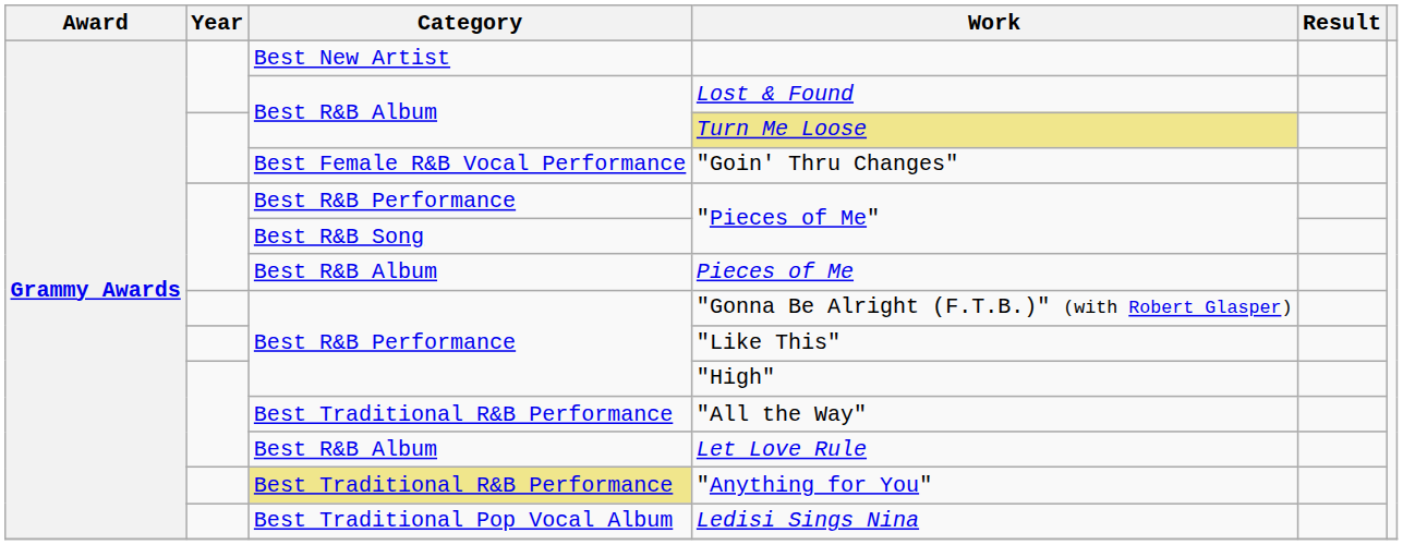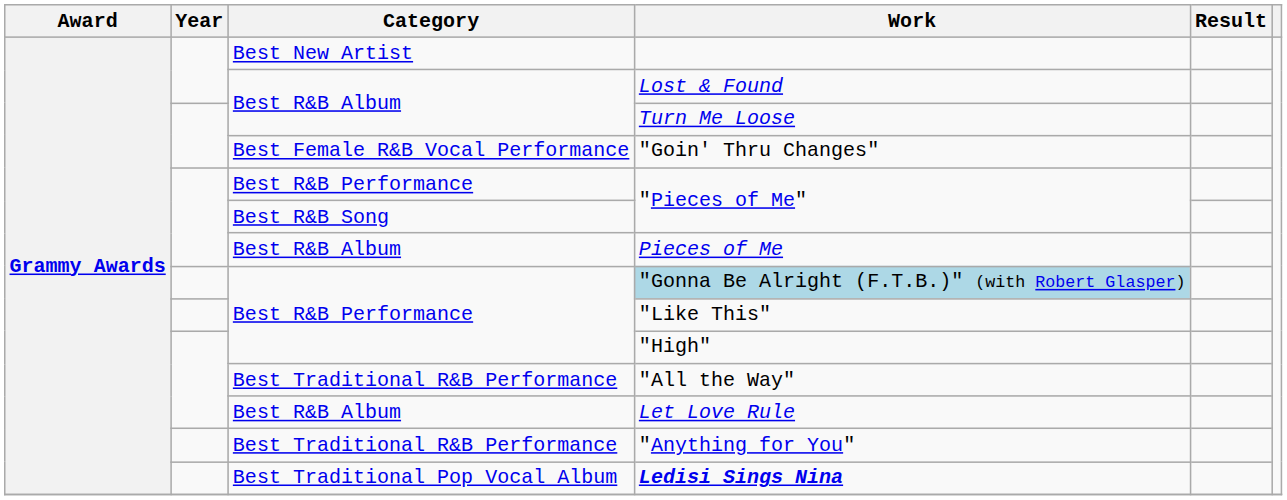 <table class="wikitable sortable plainrowheaders">
 <tr>
 <th scope="col">Award</th>
 <th scope="col">Year</th>
 <th scope="col">Category</th>
 <th scope="col">Work</th>
 <th scope="col">Result</th>
 <th scope="col" class="unsortable"></th>
 </tr>
 <tr>
 <th scope="row" rowspan="14"><a href='#'>Grammy Awards</a></th>
 <td rowspan="2"></td>
 <td><a href='#'>Best New Artist</a></td>
 <td></td>
 <td></td>
 <td rowspan="14"></td>
 </tr>
 <tr>
 <td rowspan="2"><a href='#'>Best R&B Album</a></td>
 <td><em><a href='#'>Lost & Found</a></em></td>
 <td></td>
 </tr>
 <tr>
 <td rowspan="2"></td>
-<td style="background: khaki;"><em><a href='#'>Turn Me Loose</a></em></td>
+<td><em><a href='#'>Turn Me Loose</a></em></td>
 <td></td>
 </tr>
 <tr>
 <td><a href='#'>Best Female R&B Vocal Performance</a></td>
 <td>"Goin' Thru Changes"</td>
 <td></td>
 </tr>
 <tr>
 <td rowspan="3"></td>
 <td><a href='#'>Best R&B Performance</a></td>
 <td rowspan="2">"<a href='#'>Pieces of Me</a>"</td>
 <td></td>
 </tr>
 <tr>
 <td><a href='#'>Best R&B Song</a></td>
 <td></td>
 </tr>
 <tr>
 <td><a href='#'>Best R&B Album</a></td>
 <td><em><a href='#'>Pieces of Me</a></em></td>
 <td></td>
 </tr>
 <tr>
 <td></td>
 <td rowspan="3"><a href='#'>Best R&B Performance</a></td>
-<td>"Gonna Be Alright (F.T.B.)" <small>(with <a href='#'>Robert Glasper</a>)</small></td>
+<td style="background: lightblue;">"Gonna Be Alright (F.T.B.)" <small>(with <a href='#'>Robert Glasper</a>)</small></td>
 <td></td>
 </tr>
 <tr>
 <td></td>
 <td>"Like This"</td>
 <td></td>
 </tr>
 <tr>
 <td rowspan="3"></td>
 <td>"High"</td>
 <td></td>
 </tr>
 <tr>
 <td><a href='#'>Best Traditional R&B Performance</a></td>
 <td>"All the Way"</td>
 <td></td>
 </tr>
 <tr>
 <td><a href='#'>Best R&B Album</a></td>
 <td><em><a href='#'>Let Love Rule</a></em></td>
 <td></td>
 </tr>
 <tr>
 <td></td>
-<td style="background: khaki;"><a href='#'>Best Traditional R&B Performance</a></td>
+<td><a href='#'>Best Traditional R&B Performance</a></td>
 <td>"<a href='#'>Anything for You</a>"</td>
 <td></td>
 </tr>
 <tr>
 <td></td>
 <td><a href='#'>Best Traditional Pop Vocal Album</a></td>
-<td><em><a href='#'>Ledisi Sings Nina</a></em></td>
+<td><strong><em><a href='#'>Ledisi Sings Nina</a></em></strong></td>
 <td></td>
 </tr>
 <tr>
 </tr>
 </table>
